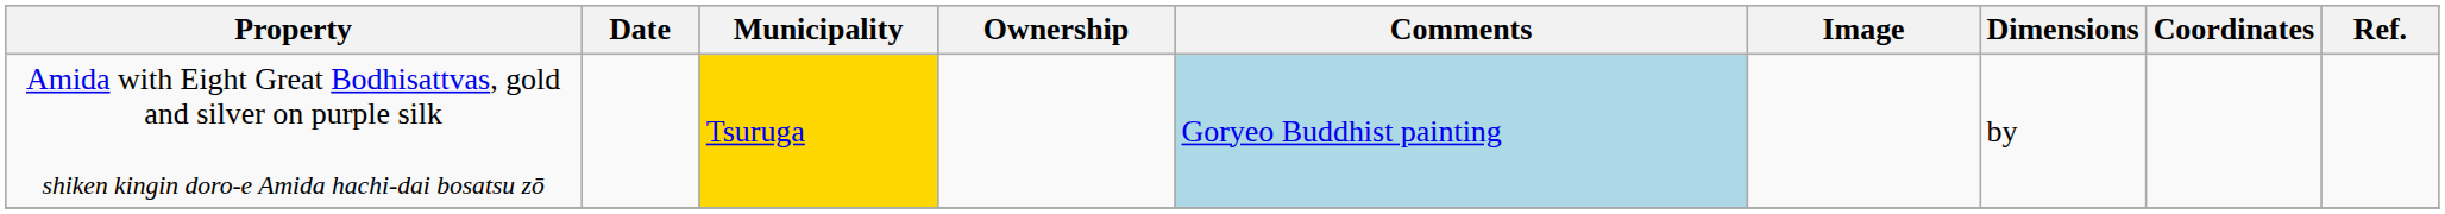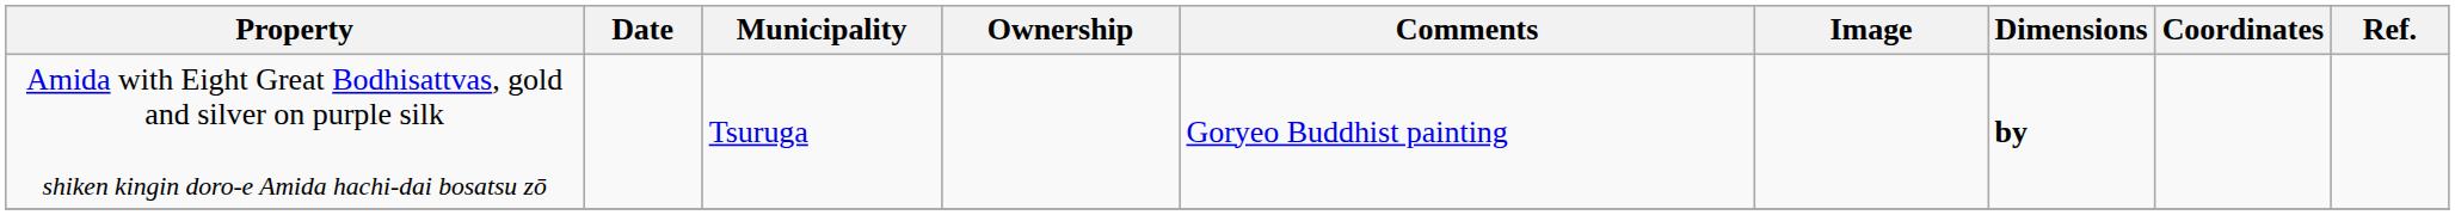 <table class="wikitable sortable"  style="width:100%;">
 <tr>
 <th width="25%" align="left">Property</th>
 <th width="5%" align="left">Date</th>
 <th width="10%" align="left">Municipality</th>
 <th width="10%" align="left">Ownership</th>
 <th width="25%" align="left" class="unsortable">Comments</th>
 <th width="10%" align="left" class="unsortable">Image</th>
 <th width="5%" align="left" class="unsortable">Dimensions</th>
 <th width="5%" align="left" class="unsortable">Coordinates</th>
 <th width="5%" align="left" class="unsortable">Ref.</th>
 </tr>
 <tr>
 <td align="center"><a href='#'>Amida</a> with Eight Great <a href='#'>Bodhisattvas</a>, gold and silver on purple silk<br><br><small><em>shiken kingin doro-e Amida hachi-dai bosatsu zō</em></small></td>
 <td></td>
-<td style="background: gold;"><a href='#'>Tsuruga</a></td>
+<td><a href='#'>Tsuruga</a></td>
 <td></td>
-<td style="background: lightblue;"><a href='#'>Goryeo Buddhist painting</a></td>
+<td><a href='#'>Goryeo Buddhist painting</a></td>
 <td></td>
-<td> by </td>
+<td><strong> by </strong></td>
 <td></td>
 <td></td>
 </tr>
 <tr>
 </tr>
 </table>
